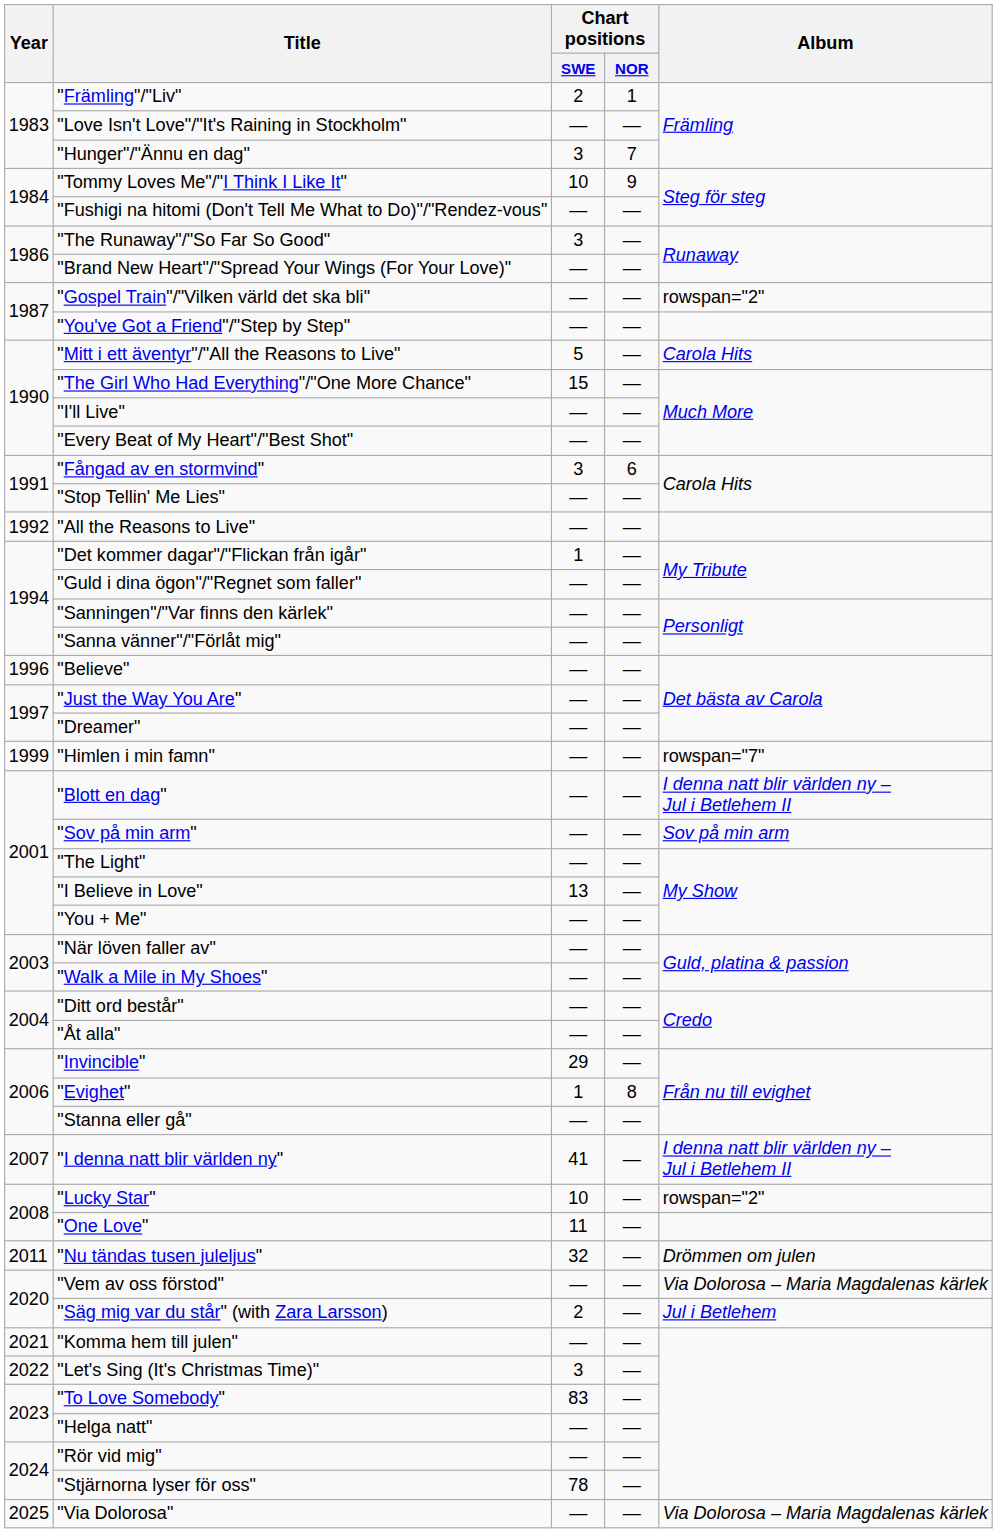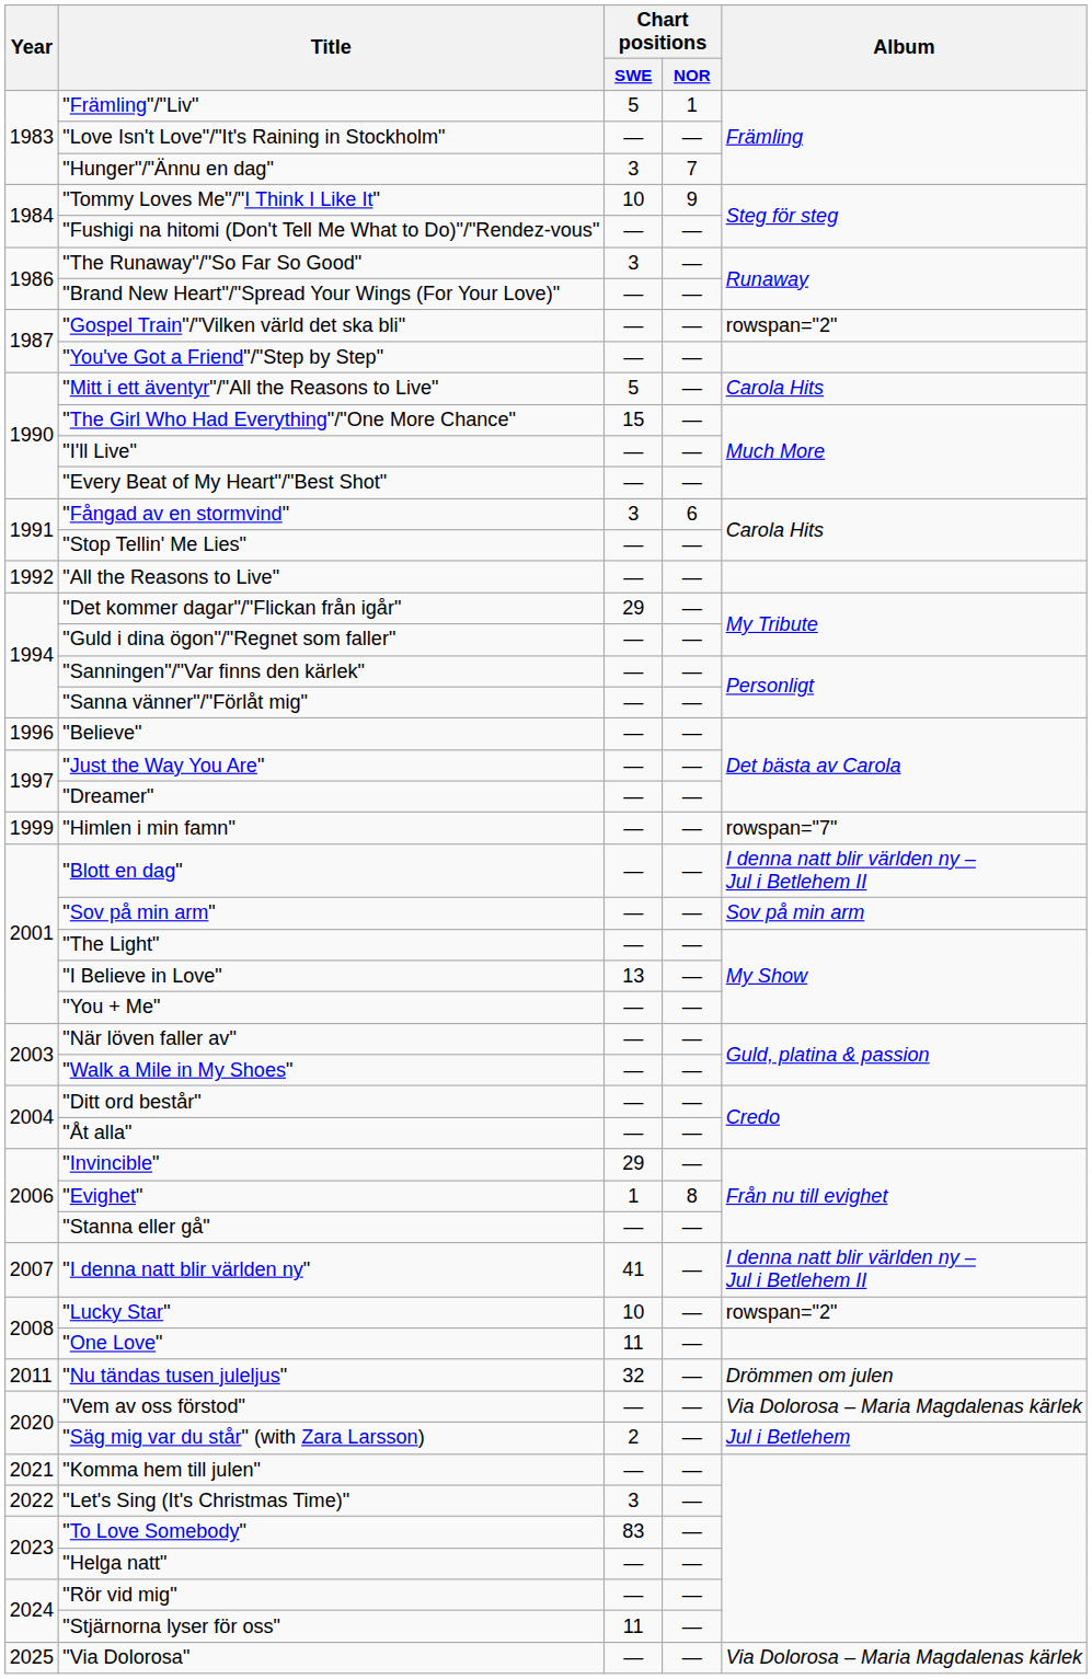 <table class="wikitable">
 <tr>
 <th scope="col" rowspan="2">Year</th>
 <th scope="col" rowspan="2">Title</th>
 <th scope="col" colspan="2">Chart positions</th>
 <th scope="col" rowspan="2">Album</th>
 </tr>
 <tr>
 <th scope="col" width="40"><small><a href='#'>SWE</a></small><br></th>
 <th scope="col" width="40"><small><a href='#'>NOR</a></small><br></th>
 </tr>
 <tr>
 <td rowspan="3">1983</td>
 <td>"<a href='#'>Främling</a>"/"Liv"</td>
-<td align="center">2</td>
+<td align="center">5</td>
 <td align="center">1</td>
 <td rowspan="3"><em><a href='#'>Främling</a></em></td>
 </tr>
 <tr>
 <td>"Love Isn't Love"/"It's Raining in Stockholm"</td>
 <td align="center">—</td>
 <td align="center">—</td>
 </tr>
 <tr>
 <td>"Hunger"/"Ännu en dag"</td>
 <td align="center">3</td>
 <td align="center">7</td>
 </tr>
 <tr>
 <td rowspan="2">1984</td>
 <td>"Tommy Loves Me"/"<a href='#'>I Think I Like It</a>"</td>
 <td align="center">10</td>
 <td align="center">9</td>
 <td rowspan="2"><em><a href='#'>Steg för steg</a></em></td>
 </tr>
 <tr>
 <td>"Fushigi na hitomi (Don't Tell Me What to Do)"/"Rendez-vous"</td>
 <td align="center">—</td>
 <td align="center">—</td>
 </tr>
 <tr>
 <td rowspan="2">1986</td>
 <td>"The Runaway"/"So Far So Good"</td>
 <td align="center">3</td>
 <td align="center">—</td>
 <td rowspan="2"><em><a href='#'>Runaway</a></em></td>
 </tr>
 <tr>
 <td>"Brand New Heart"/"Spread Your Wings (For Your Love)"</td>
 <td align="center">—</td>
 <td align="center">—</td>
 </tr>
 <tr>
 <td rowspan="2">1987</td>
 <td>"<a href='#'>Gospel Train</a>"/"Vilken värld det ska bli"</td>
 <td align="center">—</td>
 <td align="center">—</td>
 <td>rowspan="2" </td>
 </tr>
 <tr>
 <td>"<a href='#'>You've Got a Friend</a>"/"Step by Step"</td>
 <td align="center">—</td>
 <td align="center">—</td>
 </tr>
 <tr>
 <td rowspan="4">1990</td>
 <td>"<a href='#'>Mitt i ett äventyr</a>"/"All the Reasons to Live"</td>
 <td align="center">5</td>
 <td align="center">—</td>
 <td><em><a href='#'>Carola Hits</a></em></td>
 </tr>
 <tr>
 <td>"<a href='#'>The Girl Who Had Everything</a>"/"One More Chance"</td>
 <td align="center">15</td>
 <td align="center">—</td>
 <td rowspan="3"><em><a href='#'>Much More</a></em></td>
 </tr>
 <tr>
 <td>"I'll Live"</td>
 <td align="center">—</td>
 <td align="center">—</td>
 </tr>
 <tr>
 <td>"Every Beat of My Heart"/"Best Shot"</td>
 <td align="center">—</td>
 <td align="center">—</td>
 </tr>
 <tr>
 <td rowspan="2">1991</td>
 <td>"<a href='#'>Fångad av en stormvind</a>"</td>
 <td align="center">3</td>
 <td align="center">6</td>
 <td rowspan="2"><em>Carola Hits</em></td>
 </tr>
 <tr>
 <td>"Stop Tellin' Me Lies"</td>
 <td align="center">—</td>
 <td align="center">—</td>
 </tr>
 <tr>
 <td>1992</td>
 <td>"All the Reasons to Live"</td>
 <td align="center">—</td>
 <td align="center">—</td>
 <td></td>
 </tr>
 <tr>
 <td rowspan="4">1994</td>
 <td>"Det kommer dagar"/"Flickan från igår"</td>
-<td align="center">1</td>
+<td align="center">29</td>
 <td align="center">—</td>
 <td rowspan="2"><em><a href='#'>My Tribute</a></em></td>
 </tr>
 <tr>
 <td>"Guld i dina ögon"/"Regnet som faller"</td>
 <td align="center">—</td>
 <td align="center">—</td>
 </tr>
 <tr>
 <td>"Sanningen"/"Var finns den kärlek"</td>
 <td align="center">—</td>
 <td align="center">—</td>
 <td rowspan="2"><em><a href='#'>Personligt</a></em></td>
 </tr>
 <tr>
 <td>"Sanna vänner"/"Förlåt mig"</td>
 <td align="center">—</td>
 <td align="center">—</td>
 </tr>
 <tr>
 <td>1996</td>
 <td>"Believe"</td>
 <td align="center">—</td>
 <td align="center">—</td>
 <td rowspan="3"><em><a href='#'>Det bästa av Carola</a></em></td>
 </tr>
 <tr>
 <td rowspan="2">1997</td>
 <td>"<a href='#'>Just the Way You Are</a>"</td>
 <td align="center">—</td>
 <td align="center">—</td>
 </tr>
 <tr>
 <td>"Dreamer"</td>
 <td align="center">—</td>
 <td align="center">—</td>
 </tr>
 <tr>
 <td>1999</td>
 <td>"Himlen i min famn"</td>
 <td align="center">—</td>
 <td align="center">—</td>
 <td>rowspan="7" </td>
 </tr>
 <tr>
 <td rowspan="5">2001</td>
 <td>"<a href='#'>Blott en dag</a>"</td>
 <td align="center">—</td>
 <td align="center">—</td>
 <td><em><a href='#'>I denna natt blir världen ny –<br> Jul i Betlehem II</a></em></td>
 </tr>
 <tr>
 <td>"<a href='#'>Sov på min arm</a>"</td>
 <td align="center">—</td>
 <td align="center">—</td>
 <td><em><a href='#'>Sov på min arm</a></em></td>
 </tr>
 <tr>
 <td>"The Light"</td>
 <td align="center">—</td>
 <td align="center">—</td>
 <td rowspan="3"><em><a href='#'>My Show</a></em></td>
 </tr>
 <tr>
 <td>"I Believe in Love"</td>
 <td align="center">13</td>
 <td align="center">—</td>
 </tr>
 <tr>
 <td>"You + Me"</td>
 <td align="center">—</td>
 <td align="center">—</td>
 </tr>
 <tr>
 <td rowspan="2">2003</td>
 <td>"När löven faller av"</td>
 <td align="center">—</td>
 <td align="center">—</td>
 <td rowspan="2"><em><a href='#'>Guld, platina & passion</a></em></td>
 </tr>
 <tr>
 <td>"<a href='#'>Walk a Mile in My Shoes</a>"</td>
 <td align="center">—</td>
 <td align="center">—</td>
 </tr>
 <tr>
 <td rowspan="2">2004</td>
 <td>"Ditt ord består"</td>
 <td align="center">—</td>
 <td align="center">—</td>
 <td rowspan="2"><em><a href='#'>Credo</a></em></td>
 </tr>
 <tr>
 <td>"Åt alla"</td>
 <td align="center">—</td>
 <td align="center">—</td>
 </tr>
 <tr>
 <td rowspan="3">2006</td>
 <td>"<a href='#'>Invincible</a>"</td>
 <td align="center">29</td>
 <td align="center">—</td>
 <td rowspan="3"><em><a href='#'>Från nu till evighet</a></em></td>
 </tr>
 <tr>
 <td>"<a href='#'>Evighet</a>"</td>
 <td align="center">1</td>
 <td align="center">8</td>
 </tr>
 <tr>
 <td>"Stanna eller gå"</td>
 <td align="center">—</td>
 <td align="center">—</td>
 </tr>
 <tr>
 <td>2007</td>
 <td>"<a href='#'>I denna natt blir världen ny</a>"</td>
 <td align="center">41</td>
 <td align="center">—</td>
 <td><em><a href='#'>I denna natt blir världen ny –<br> Jul i Betlehem II</a></em></td>
 </tr>
 <tr>
 <td rowspan="2">2008</td>
 <td>"<a href='#'>Lucky Star</a>"</td>
 <td align="center">10</td>
 <td align="center">—</td>
 <td>rowspan="2" </td>
 </tr>
 <tr>
 <td>"<a href='#'>One Love</a>"</td>
 <td align="center">11</td>
 <td align="center">—</td>
 </tr>
 <tr>
 <td>2011</td>
 <td>"<a href='#'>Nu tändas tusen juleljus</a>"</td>
 <td align="center">32</td>
 <td align="center">—</td>
 <td><em>Drömmen om julen</em></td>
 </tr>
 <tr>
 <td rowspan="2">2020</td>
 <td>"Vem av oss förstod"</td>
 <td align="center">—</td>
 <td align="center">—</td>
 <td><em>Via Dolorosa – Maria Magdalenas kärlek</em></td>
 </tr>
 <tr>
 <td>"<a href='#'>Säg mig var du står</a>" (with <a href='#'>Zara Larsson</a>)</td>
 <td align="center">2</td>
 <td align="center">—</td>
 <td><em><a href='#'>Jul i Betlehem</a></em></td>
 </tr>
 <tr>
 <td>2021</td>
 <td>"Komma hem till julen"</td>
 <td align="center">—</td>
 <td align="center">—</td>
 </tr>
 <tr>
 <td>2022</td>
 <td>"Let's Sing (It's Christmas Time)"<br></td>
 <td align="center">3</td>
 <td align="center">—</td>
 </tr>
 <tr>
 <td rowspan="2">2023</td>
 <td>"<a href='#'>To Love Somebody</a>"<br></td>
 <td align="center">83<br></td>
 <td align="center">—</td>
 </tr>
 <tr>
 <td>"Helga natt"</td>
 <td align="center">—</td>
 <td align="center">—</td>
 </tr>
 <tr>
 <td rowspan="2">2024</td>
 <td>"Rör vid mig"</td>
 <td align="center">—</td>
 <td align="center">—</td>
 </tr>
 <tr>
 <td>"Stjärnorna lyser för oss"<br></td>
-<td align="center">78<br></td>
+<td align="center">11</td>
 <td align="center">—</td>
 </tr>
 <tr>
 <td>2025</td>
 <td>"Via Dolorosa"</td>
 <td align="center">—</td>
 <td align="center">—</td>
 <td><em>Via Dolorosa – Maria Magdalenas kärlek</em></td>
 </tr>
 </table>
